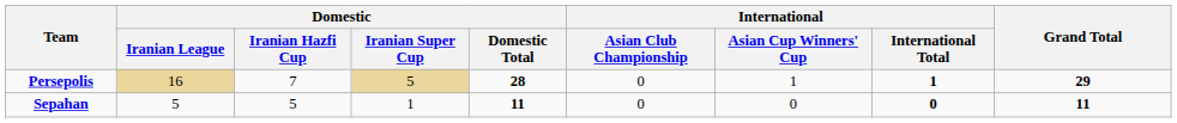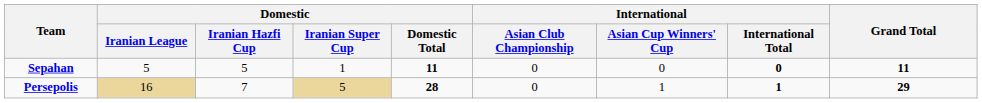 <table class="wikitable" style="text-align:center;">
 <tr>
 <th rowspan=2 width=5% class="wikitable sortable">Team</th>
 <th colspan="4" width="20%" class="sortable">Domestic</th>
 <th colspan="3" width="20%" class="sortable">International</th>
 <th rowspan=2 width=9% class="sortable">Grand Total</th>
 </tr>
 <tr>
 <th width=6% class="sortable"><a href='#'>Iranian League</a></th>
 <th width=6% class="sortable"><a href='#'>Iranian Hazfi Cup</a></th>
 <th width=6% class="sortable"><a href='#'>Iranian Super Cup</a></th>
 <th width=4% class="sortable">Domestic Total</th>
 <th width=6% class="sortable"><a href='#'>Asian Club Championship</a></th>
 <th width=8% class="sortable"><a href='#'>Asian&nbsp;Cup Winners' Cup</a></th>
 <th width=4% class="sortable">International Total</th>
 </tr>
 <tr>
+<td><strong><a href='#'>Sepahan</a></strong></td>
+<td>5</td>
+<td>5</td>
+<td>1</td>
+<td><strong>11</strong></td>
+<td>0</td>
+<td>0</td>
+<td><strong>0</strong></td>
+<td><strong>11</strong></td>
+</tr>
+<tr>
 <td><strong><a href='#'>Persepolis</a></strong></td>
 <td style=background:#EBD79B>16</td>
 <td>7</td>
 <td style=background:#EBD79B>5</td>
 <td><strong>28</strong></td>
 <td>0</td>
 <td>1</td>
 <td><strong>1</strong></td>
 <td><strong>29</strong></td>
 </tr>
-<tr>
-<td><strong><a href='#'>Sepahan</a></strong></td>
-<td>5</td>
-<td>5</td>
-<td>1</td>
-<td><strong>11</strong></td>
-<td>0</td>
-<td>0</td>
-<td><strong>0</strong></td>
-<td><strong>11</strong></td>
-</tr>
 </table>
